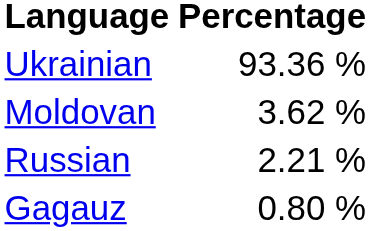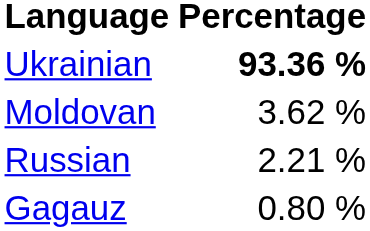 <table class="standard">
 <tr>
 <th>Language</th>
 <th>Percentage</th>
 </tr>
 <tr>
 <td><a href='#'>Ukrainian</a></td>
-<td align="right">93.36 %</td>
+<td align="right"><strong>93.36 %</strong></td>
 </tr>
 <tr>
 <td><a href='#'>Moldovan</a></td>
 <td align="right">3.62 %</td>
 </tr>
 <tr>
 <td><a href='#'>Russian</a></td>
 <td align="right">2.21 %</td>
 </tr>
 <tr>
 <td><a href='#'>Gagauz</a></td>
 <td align="right">0.80 %</td>
 </tr>
 <tr>
 </tr>
 </table>
